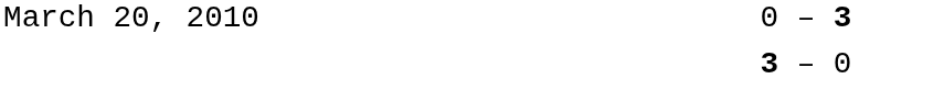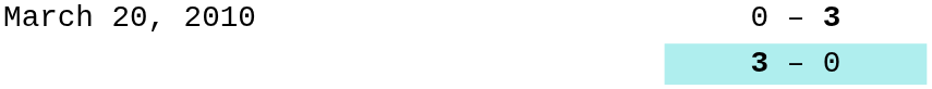 <table style="font-size:90%">
 <tr>
 <td width=100>March 20, 2010</td>
 <td width=150 align=right></td>
 <td width=100 align=center>0 – <strong>3</strong></td>
 <td width=150><strong></strong></td>
 </tr>
 <tr>
 <td></td>
 <td align=right><strong></strong></td>
-<td align=center><strong>3</strong> – 0</td>
+<td align=center style="background: paleturquoise;"><strong>3</strong> – 0</td>
 <td></td>
 </tr>
 </table>
